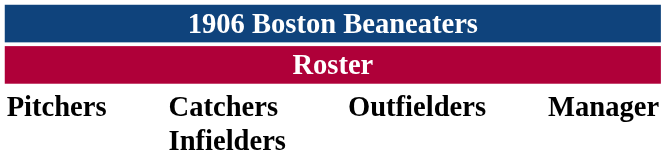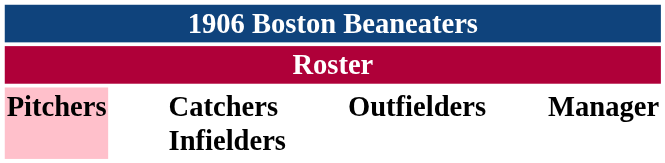 <table class="toccolours" style="font-size: 95%;">
 <tr>
 <th colspan="10" style="background-color: #0f437c; color: white; text-align: center;">1906 Boston Beaneaters</th>
 </tr>
 <tr>
 <td colspan="10" style="background-color: #af0039; color: white; text-align: center;"><strong>Roster</strong></td>
 </tr>
 <tr>
-<td valign="top"><strong>Pitchers</strong><br>      </td>
+<td valign="top" style="background: pink;"><strong>Pitchers</strong><br>      </td>
 <td width="25px"></td>
 <td valign="top"><strong>Catchers</strong><br>   <strong>Infielders</strong>      </td>
 <td width="25px"></td>
 <td valign="top"><strong>Outfielders</strong><br>       </td>
 <td width="25px"></td>
 <td valign="top"><strong>Manager</strong><br></td>
 </tr>
 </table>
